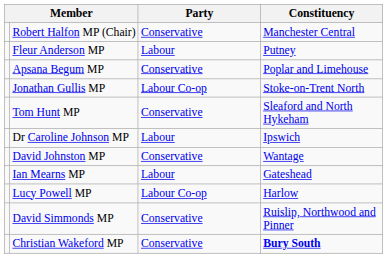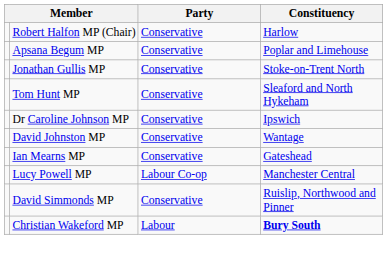 <table class="wikitable">
 <tr>
 <th width="160px" colspan="2" valign="top">Member</th>
 <th width="160px" valign="top">Party</th>
 <th width="160px" valign="top">Constituency</th>
 </tr>
 <tr>
 <td style="color:inherit;background:"></td>
 <td><a href='#'>Robert Halfon</a> MP (Chair)</td>
 <td><a href='#'>Conservative</a></td>
-<td><a href='#'>Manchester Central</a></td>
-</tr>
-<tr>
-<td style="color:inherit;background:"></td>
-<td><a href='#'>Fleur Anderson</a> MP</td>
-<td><a href='#'>Labour</a></td>
-<td><a href='#'>Putney</a></td>
+<td><a href='#'>Harlow</a></td>
 </tr>
 <tr>
 <td style="color:inherit;background:"></td>
 <td><a href='#'>Apsana Begum</a> MP</td>
 <td><a href='#'>Conservative</a></td>
 <td><a href='#'>Poplar and Limehouse</a></td>
 </tr>
 <tr>
 <td style="color:inherit;background:"></td>
 <td><a href='#'>Jonathan Gullis</a> MP</td>
-<td><a href='#'>Labour Co-op</a></td>
+<td><a href='#'>Conservative</a></td>
 <td><a href='#'>Stoke-on-Trent North</a></td>
 </tr>
 <tr>
 <td style="color:inherit;background:"></td>
 <td><a href='#'>Tom Hunt</a> MP</td>
 <td><a href='#'>Conservative</a></td>
 <td><a href='#'>Sleaford and North Hykeham</a></td>
 </tr>
 <tr>
 <td style="color:inherit;background:"></td>
 <td>Dr <a href='#'>Caroline Johnson</a> MP</td>
-<td><a href='#'>Labour</a></td>
+<td><a href='#'>Conservative</a></td>
 <td><a href='#'>Ipswich</a></td>
 </tr>
 <tr>
 <td style="color:inherit;background:"></td>
 <td><a href='#'>David Johnston</a> MP</td>
 <td><a href='#'>Conservative</a></td>
 <td><a href='#'>Wantage</a></td>
 </tr>
 <tr>
 <td style="color:inherit;background:"></td>
 <td><a href='#'>Ian Mearns</a> MP</td>
-<td><a href='#'>Labour</a></td>
+<td><a href='#'>Conservative</a></td>
 <td><a href='#'>Gateshead</a></td>
 </tr>
 <tr>
 <td style="color:inherit;background:"></td>
 <td><a href='#'>Lucy Powell</a> MP</td>
 <td><a href='#'>Labour Co-op</a></td>
-<td><a href='#'>Harlow</a></td>
+<td><a href='#'>Manchester Central</a></td>
 </tr>
 <tr>
 <td style="color:inherit;background:"></td>
 <td><a href='#'>David Simmonds</a> MP</td>
 <td><a href='#'>Conservative</a></td>
 <td><a href='#'>Ruislip, Northwood and Pinner</a></td>
 </tr>
 <tr>
 <td style="color:inherit;background:"></td>
 <td><a href='#'>Christian Wakeford</a> MP</td>
-<td><a href='#'>Conservative</a></td>
+<td><a href='#'>Labour</a></td>
 <td><strong><a href='#'>Bury South</a></strong></td>
 </tr>
 </table>
